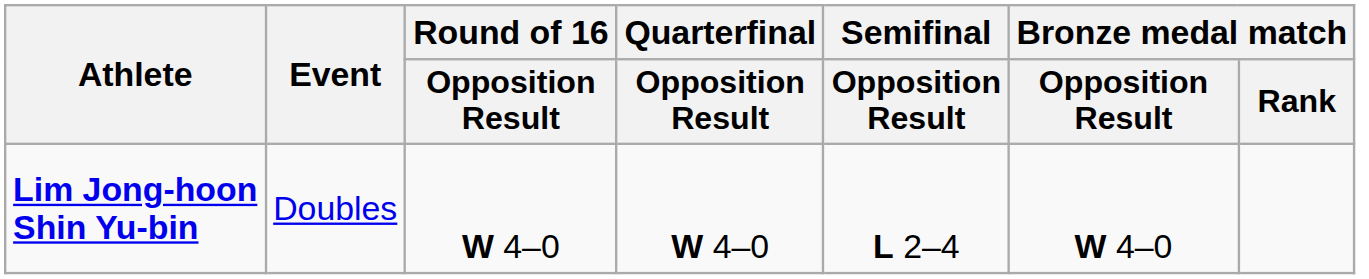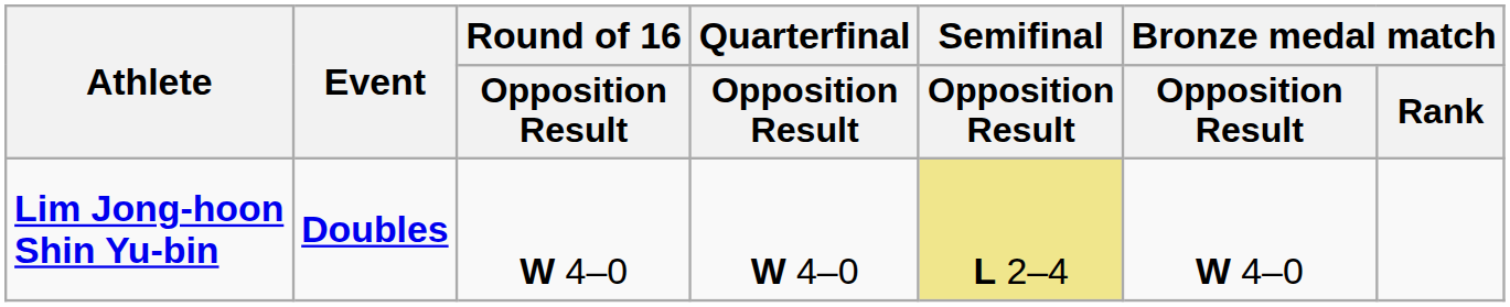 <table class="wikitable" style="font-size:90%;">
 <tr>
 <th rowspan=2>Athlete</th>
 <th rowspan=2>Event</th>
 <th>Round of 16</th>
 <th>Quarterfinal</th>
 <th>Semifinal</th>
 <th colspan=2>Bronze medal match</th>
 </tr>
 <tr style="font-size:95%">
 <th>Opposition<br>Result</th>
 <th>Opposition<br>Result</th>
 <th>Opposition<br>Result</th>
 <th>Opposition<br>Result</th>
 <th>Rank</th>
 </tr>
 <tr align=center>
 <td align=left><strong><a href='#'>Lim Jong-hoon</a><br><a href='#'>Shin Yu-bin</a></strong></td>
-<td align=left><a href='#'>Doubles</a></td>
+<td align=left><strong><a href='#'>Doubles</a></strong></td>
 <td><br><br><strong>W</strong> 4–0</td>
 <td><br><br><strong>W</strong> 4–0</td>
-<td><br><br><strong>L</strong> 2–4</td>
+<td style="background: khaki;"><br><br><strong>L</strong> 2–4</td>
 <td><br><br><strong>W</strong> 4–0</td>
 <td></td>
 </tr>
 </table>
